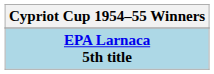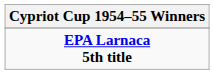 <table class="wikitable" style="text-align:center;margin: 0 auto;">
 <tr>
 <th>Cypriot Cup 1954–55 Winners</th>
 </tr>
 <tr>
 </tr>
 <tr>
-<td style="background: lightblue;"><strong><a href='#'>EPA Larnaca</a></strong><br><strong>5th title</strong></td>
+<td><strong><a href='#'>EPA Larnaca</a></strong><br><strong>5th title</strong></td>
 </tr>
 </table>
